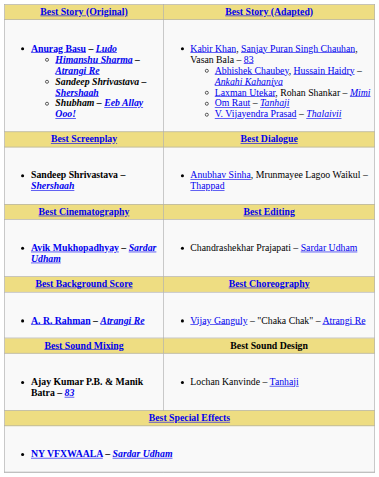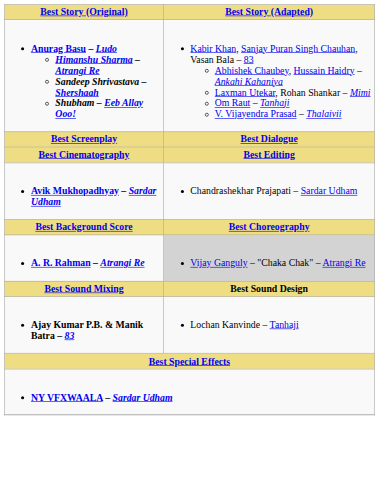 <table class="wikitable">
 <tr>
 <th ! style="background:#EEDD82;text-align:center;"><a href='#'>Best Story (Original)</a></th>
 <th ! style="background:#eedd82;text-align:center;"><a href='#'>Best Story (Adapted)</a></th>
 </tr>
 <tr>
 <td valign="top"><br><ul><li><strong><a href='#'>Anurag Basu</a> – <em><a href='#'>Ludo</a><strong><em><ul><li><a href='#'>Himanshu Sharma</a> – </em><a href='#'>Atrangi Re</a><em></li><li>Sandeep Shrivastava – </em><a href='#'>Shershaah</a><em></li><li>Shubham – </em><a href='#'>Eeb Allay Ooo!</a><em></li></ul></li></ul></td>
 <td valign="top"><br><ul><li></strong><a href='#'>Kabir Khan</a>, <a href='#'>Sanjay Puran Singh Chauhan</a>, Vasan Bala – </em><a href='#'>83</a></em></strong><ul><li><a href='#'>Abhishek Chaubey</a>, <a href='#'>Hussain Haidry</a> – <em><a href='#'>Ankahi Kahaniya</a></em></li><li><a href='#'>Laxman Utekar</a>, Rohan Shankar – <em><a href='#'>Mimi</a></em></li><li><a href='#'>Om Raut</a> – <em><a href='#'>Tanhaji</a></em></li><li><a href='#'>V. Vijayendra Prasad</a> – <em><a href='#'>Thalaivii</a></em></li></ul></li></ul></td>
 </tr>
 <tr>
 <th ! style="background:#EEDD82;text-align:center;"><a href='#'>Best Screenplay</a></th>
 <th ! style="background:#eedd82;text-align:center;"><a href='#'>Best Dialogue</a></th>
-</tr>
-<tr>
-<td valign="top"><br><ul><li><strong>Sandeep Shrivastava – <em><a href='#'>Shershaah</a><strong><em></li></ul></td>
-<td valign="top"><br><ul><li></strong><a href='#'>Anubhav Sinha</a>, Mrunmayee Lagoo Waikul – </em><a href='#'>Thappad</a></em></strong></li></ul></td>
 </tr>
 <tr>
 <th ! style="background:#EEDD82;text-align:center;"><a href='#'>Best Cinematography</a></th>
 <th ! style="background:#eedd82;text-align:center;"><a href='#'>Best Editing</a></th>
 </tr>
 <tr>
 <td valign="top"><br><ul><li><strong><a href='#'>Avik Mukhopadhyay</a> – <em><a href='#'>Sardar Udham</a><strong><em></li></ul></td>
 <td valign="top"><strong><br><ul><li></strong>Chandrashekhar Prajapati – </em><a href='#'>Sardar Udham</a></em></strong></li></ul></strong></td>
 </tr>
 <tr>
 <th ! style="background:#EEDD82;text-align:center;"><a href='#'>Best Background Score</a></th>
 <th ! style="background:#eedd82;text-align:center;"><a href='#'>Best Choreography</a></th>
 </tr>
 <tr>
 <td valign="top"><br><ul><li><strong><a href='#'>A. R. Rahman</a> – <em><a href='#'>Atrangi Re</a><strong><em></li></ul></td>
-<td valign="top"><br><ul><li></strong><a href='#'>Vijay Ganguly</a> – "Chaka Chak" – </em><a href='#'>Atrangi Re</a></em></strong></li></ul></td>
+<td valign="top" style="background: lightgrey;"><br><ul><li></strong><a href='#'>Vijay Ganguly</a> – "Chaka Chak" – </em><a href='#'>Atrangi Re</a></em></strong></li></ul></td>
 </tr>
 <tr>
 <th ! style="background:#EEDD82;text-align:center;"><a href='#'>Best Sound Mixing</a></th>
 <th ! style="background:#eedd82;text-align:center;">Best Sound Design</th>
 </tr>
 <tr>
 <td valign="top"><br><ul><li><strong>Ajay Kumar P.B. & Manik Batra – <em><a href='#'>83</a><strong><em></li></ul></td>
 <td valign="top"><br><ul><li></strong>Lochan Kanvinde – </em><a href='#'>Tanhaji</a></em></strong></li></ul></td>
 </tr>
 <tr>
 <th ! style="background:#EEDD82;text-align:center;" colspan="2"><a href='#'>Best Special Effects</a></th>
 </tr>
 <tr>
 <td valign="top" colspan="2"><br><ul><li><strong><a href='#'>NY VFXWAALA</a> – <em><a href='#'>Sardar Udham</a><strong><em></li></ul></td>
 </tr>
 <tr>
 </tr>
 </table>
